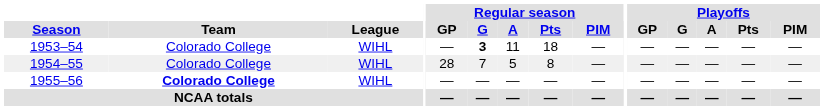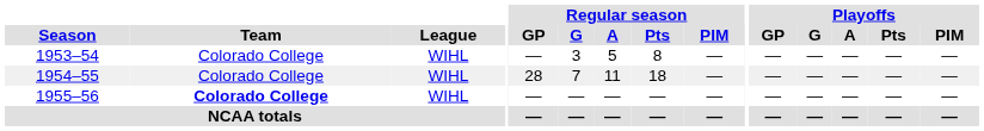 <table border="0" cellpadding="1" cellspacing="0" style="text-align:center; width:60em">
 <tr bgcolor="#e0e0e0">
 <th colspan="3" bgcolor="#ffffff"></th>
 <th rowspan="99" bgcolor="#ffffff"></th>
 <th colspan="5"><a href='#'>Regular season</a></th>
 <th rowspan="99" bgcolor="#ffffff"></th>
 <th colspan="5"><a href='#'>Playoffs</a></th>
 </tr>
 <tr bgcolor="#e0e0e0">
 <th><a href='#'>Season</a></th>
 <th>Team</th>
 <th>League</th>
 <th>GP</th>
 <th><a href='#'>G</a></th>
 <th><a href='#'>A</a></th>
 <th><a href='#'>Pts</a></th>
 <th><a href='#'>PIM</a></th>
 <th>GP</th>
 <th>G</th>
 <th>A</th>
 <th>Pts</th>
 <th>PIM</th>
 </tr>
 <tr>
 <td><a href='#'>1953–54</a></td>
 <td><a href='#'>Colorado College</a></td>
 <td><a href='#'>WIHL</a></td>
 <td>—</td>
-<td><strong>3</strong></td>
-<td>11</td>
-<td>18</td>
+<td>3</td>
+<td>5</td>
+<td>8</td>
 <td>—</td>
 <td>—</td>
 <td>—</td>
 <td>—</td>
 <td>—</td>
 <td>—</td>
 </tr>
 <tr bgcolor="f0f0f0">
 <td><a href='#'>1954–55</a></td>
 <td><a href='#'>Colorado College</a></td>
 <td><a href='#'>WIHL</a></td>
 <td>28</td>
 <td>7</td>
-<td>5</td>
-<td>8</td>
+<td>11</td>
+<td>18</td>
 <td>—</td>
 <td>—</td>
 <td>—</td>
 <td>—</td>
 <td>—</td>
 <td>—</td>
 </tr>
 <tr>
 <td><a href='#'>1955–56</a></td>
 <td><strong><a href='#'>Colorado College</a></strong></td>
 <td><a href='#'>WIHL</a></td>
 <td>—</td>
 <td>—</td>
 <td>—</td>
 <td>—</td>
 <td>—</td>
 <td>—</td>
 <td>—</td>
 <td>—</td>
 <td>—</td>
 <td>—</td>
 </tr>
 <tr bgcolor="#e0e0e0">
 <th colspan="3">NCAA totals</th>
 <th>—</th>
 <th>—</th>
 <th>—</th>
 <th>—</th>
 <th>—</th>
 <th>—</th>
 <th>—</th>
 <th>—</th>
 <th>—</th>
 <th>—</th>
 </tr>
 </table>
